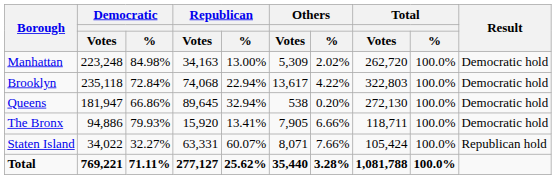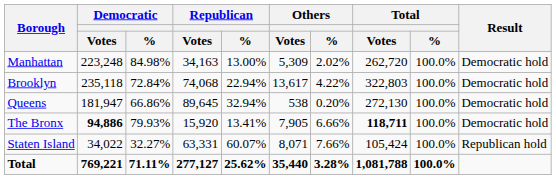 <table class="wikitable plainrowheaders sortable" style="font-size:100%; text-align:right;">
 <tr>
 <th scope=col rowspan=3><a href='#'>Borough</a></th>
 <th scope=col colspan=2><a href='#'>Democratic</a></th>
 <th scope=col colspan=2><a href='#'>Republican</a></th>
 <th scope=col colspan=2>Others</th>
 <th scope=col colspan=2>Total</th>
 <th scope=col rowspan=3>Result</th>
 </tr>
 <tr>
 <th scope=col colspan=2 style="background:"></th>
 <th scope=col colspan=2 style="background:"></th>
 <th scope=col colspan=2></th>
 <th scope=col colspan=2></th>
 </tr>
 <tr>
 <th scope=col data-sort-type="number">Votes</th>
 <th scope=col data-sort-type="number">%</th>
 <th scope=col data-sort-type="number">Votes</th>
 <th scope=col data-sort-type="number">%</th>
 <th scope=col data-sort-type="number">Votes</th>
 <th scope=col data-sort-type="number">%</th>
 <th scope=col data-sort-type="number">Votes</th>
 <th scope=col data-sort-type="number">%</th>
 </tr>
 <tr>
 <td align=left><a href='#'>Manhattan</a></td>
 <td>223,248</td>
 <td>84.98%</td>
 <td>34,163</td>
 <td>13.00%</td>
 <td>5,309</td>
 <td>2.02%</td>
 <td>262,720</td>
 <td>100.0%</td>
 <td align=left>Democratic hold</td>
 </tr>
 <tr>
 <td align=left><a href='#'>Brooklyn</a></td>
 <td>235,118</td>
 <td>72.84%</td>
 <td>74,068</td>
 <td>22.94%</td>
 <td>13,617</td>
 <td>4.22%</td>
 <td>322,803</td>
 <td>100.0%</td>
 <td align=left>Democratic hold</td>
 </tr>
 <tr>
 <td align=left><a href='#'>Queens</a></td>
 <td>181,947</td>
 <td>66.86%</td>
 <td>89,645</td>
 <td>32.94%</td>
 <td>538</td>
 <td>0.20%</td>
 <td>272,130</td>
 <td>100.0%</td>
 <td align=left>Democratic hold</td>
 </tr>
 <tr>
 <td align=left data-sort-value=Bronx><a href='#'>The Bronx</a></td>
-<td>94,886</td>
+<td><strong>94,886</strong></td>
 <td>79.93%</td>
 <td>15,920</td>
 <td>13.41%</td>
 <td>7,905</td>
 <td>6.66%</td>
-<td>118,711</td>
+<td><strong>118,711</strong></td>
 <td>100.0%</td>
 <td align=left>Democratic hold</td>
 </tr>
 <tr>
 <td align=left><a href='#'>Staten Island</a></td>
 <td>34,022</td>
 <td>32.27%</td>
 <td>63,331</td>
 <td>60.07%</td>
 <td>8,071</td>
 <td>7.66%</td>
 <td>105,424</td>
 <td>100.0%</td>
 <td align=left>Republican hold</td>
 </tr>
 <tr class="sortbottom" style="font-weight:bold">
 <td align=left>Total</td>
 <td>769,221</td>
 <td>71.11%</td>
 <td>277,127</td>
 <td>25.62%</td>
 <td>35,440</td>
 <td>3.28%</td>
 <td>1,081,788</td>
 <td>100.0%</td>
 </tr>
 </table>
